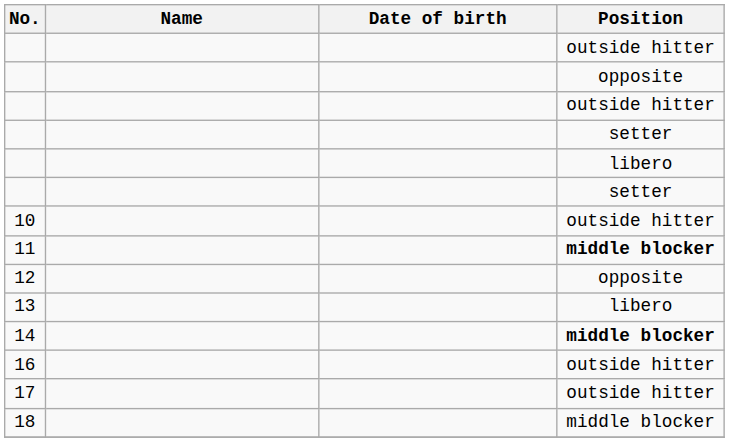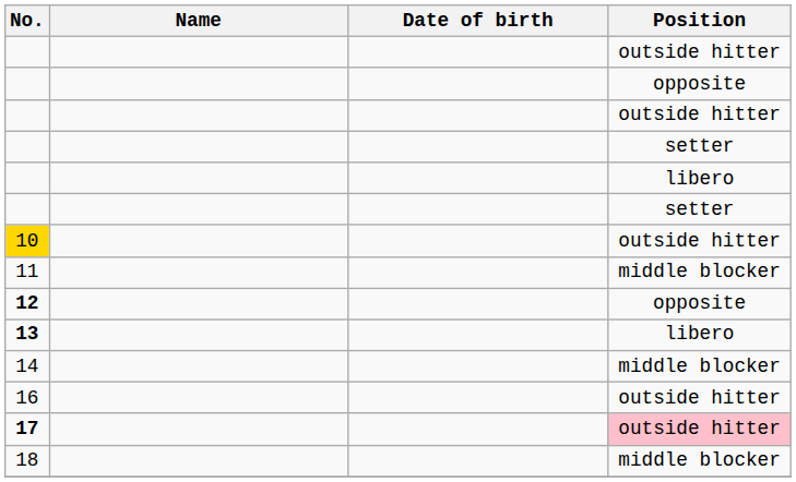 <table class="wikitable sortable" style="font-size:100%; text-align:center;">
 <tr>
 <th>No.</th>
 <th style="width:15em">Name</th>
 <th style="width:13em">Date of birth</th>
 <th style="width:9em">Position</th>
 </tr>
 <tr>
 <td></td>
 <td align=left> </td>
 <td align=right></td>
 <td>outside hitter</td>
 </tr>
 <tr>
 <td></td>
 <td align=left> </td>
 <td align=right></td>
 <td>opposite</td>
 </tr>
 <tr>
 <td></td>
 <td align=left> </td>
 <td align=right></td>
 <td>outside hitter</td>
 </tr>
 <tr>
 <td></td>
 <td align=left> </td>
 <td align=right></td>
 <td>setter</td>
 </tr>
 <tr>
 <td></td>
 <td align=left> </td>
 <td align=right></td>
 <td>libero</td>
 </tr>
 <tr>
 <td></td>
 <td align=left> </td>
 <td align=right></td>
 <td>setter</td>
 </tr>
 <tr>
-<td>10</td>
+<td style="background: gold;">10</td>
 <td align=left> </td>
 <td align=right></td>
 <td>outside hitter</td>
 </tr>
 <tr>
 <td>11</td>
 <td align=left> </td>
 <td align=right></td>
-<td><strong>middle blocker</strong></td>
+<td>middle blocker</td>
 </tr>
 <tr>
-<td>12</td>
+<td><strong>12</strong></td>
 <td align=left> </td>
 <td align=right></td>
 <td>opposite</td>
 </tr>
 <tr>
-<td>13</td>
+<td><strong>13</strong></td>
 <td align=left> </td>
 <td align=right></td>
 <td>libero</td>
 </tr>
 <tr>
 <td>14</td>
 <td align=left> </td>
 <td align=right></td>
-<td><strong>middle blocker</strong></td>
+<td>middle blocker</td>
 </tr>
 <tr>
 <td>16</td>
 <td align=left> </td>
 <td align=right></td>
 <td>outside hitter</td>
 </tr>
 <tr>
-<td>17</td>
+<td><strong>17</strong></td>
 <td align=left> </td>
 <td align=right></td>
-<td>outside hitter</td>
+<td style="background: pink;">outside hitter</td>
 </tr>
 <tr>
 <td>18</td>
 <td align=left> </td>
 <td align=right></td>
 <td>middle blocker</td>
 </tr>
 <tr>
 </tr>
 </table>
